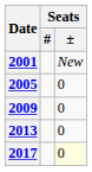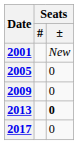 <table class="wikitable">
 <tr>
 <th rowspan="2">Date</th>
 <th colspan="2">Seats</th>
 </tr>
 <tr>
 <th>#</th>
 <th>±</th>
 </tr>
 <tr>
 <th><a href='#'>2001</a></th>
 <td></td>
 <td><em>New</em></td>
 </tr>
 <tr>
 <th><a href='#'>2005</a></th>
 <td></td>
 <td> 0</td>
 </tr>
 <tr>
 <th><a href='#'>2009</a></th>
 <td></td>
 <td> 0</td>
 </tr>
 <tr>
 <th><a href='#'>2013</a></th>
 <td></td>
-<td> 0</td>
+<td><strong> 0</strong></td>
 </tr>
 <tr>
 <th><a href='#'>2017</a></th>
 <td></td>
-<td style="background: lightyellow;"> 0</td>
+<td> 0</td>
 </tr>
 </table>
